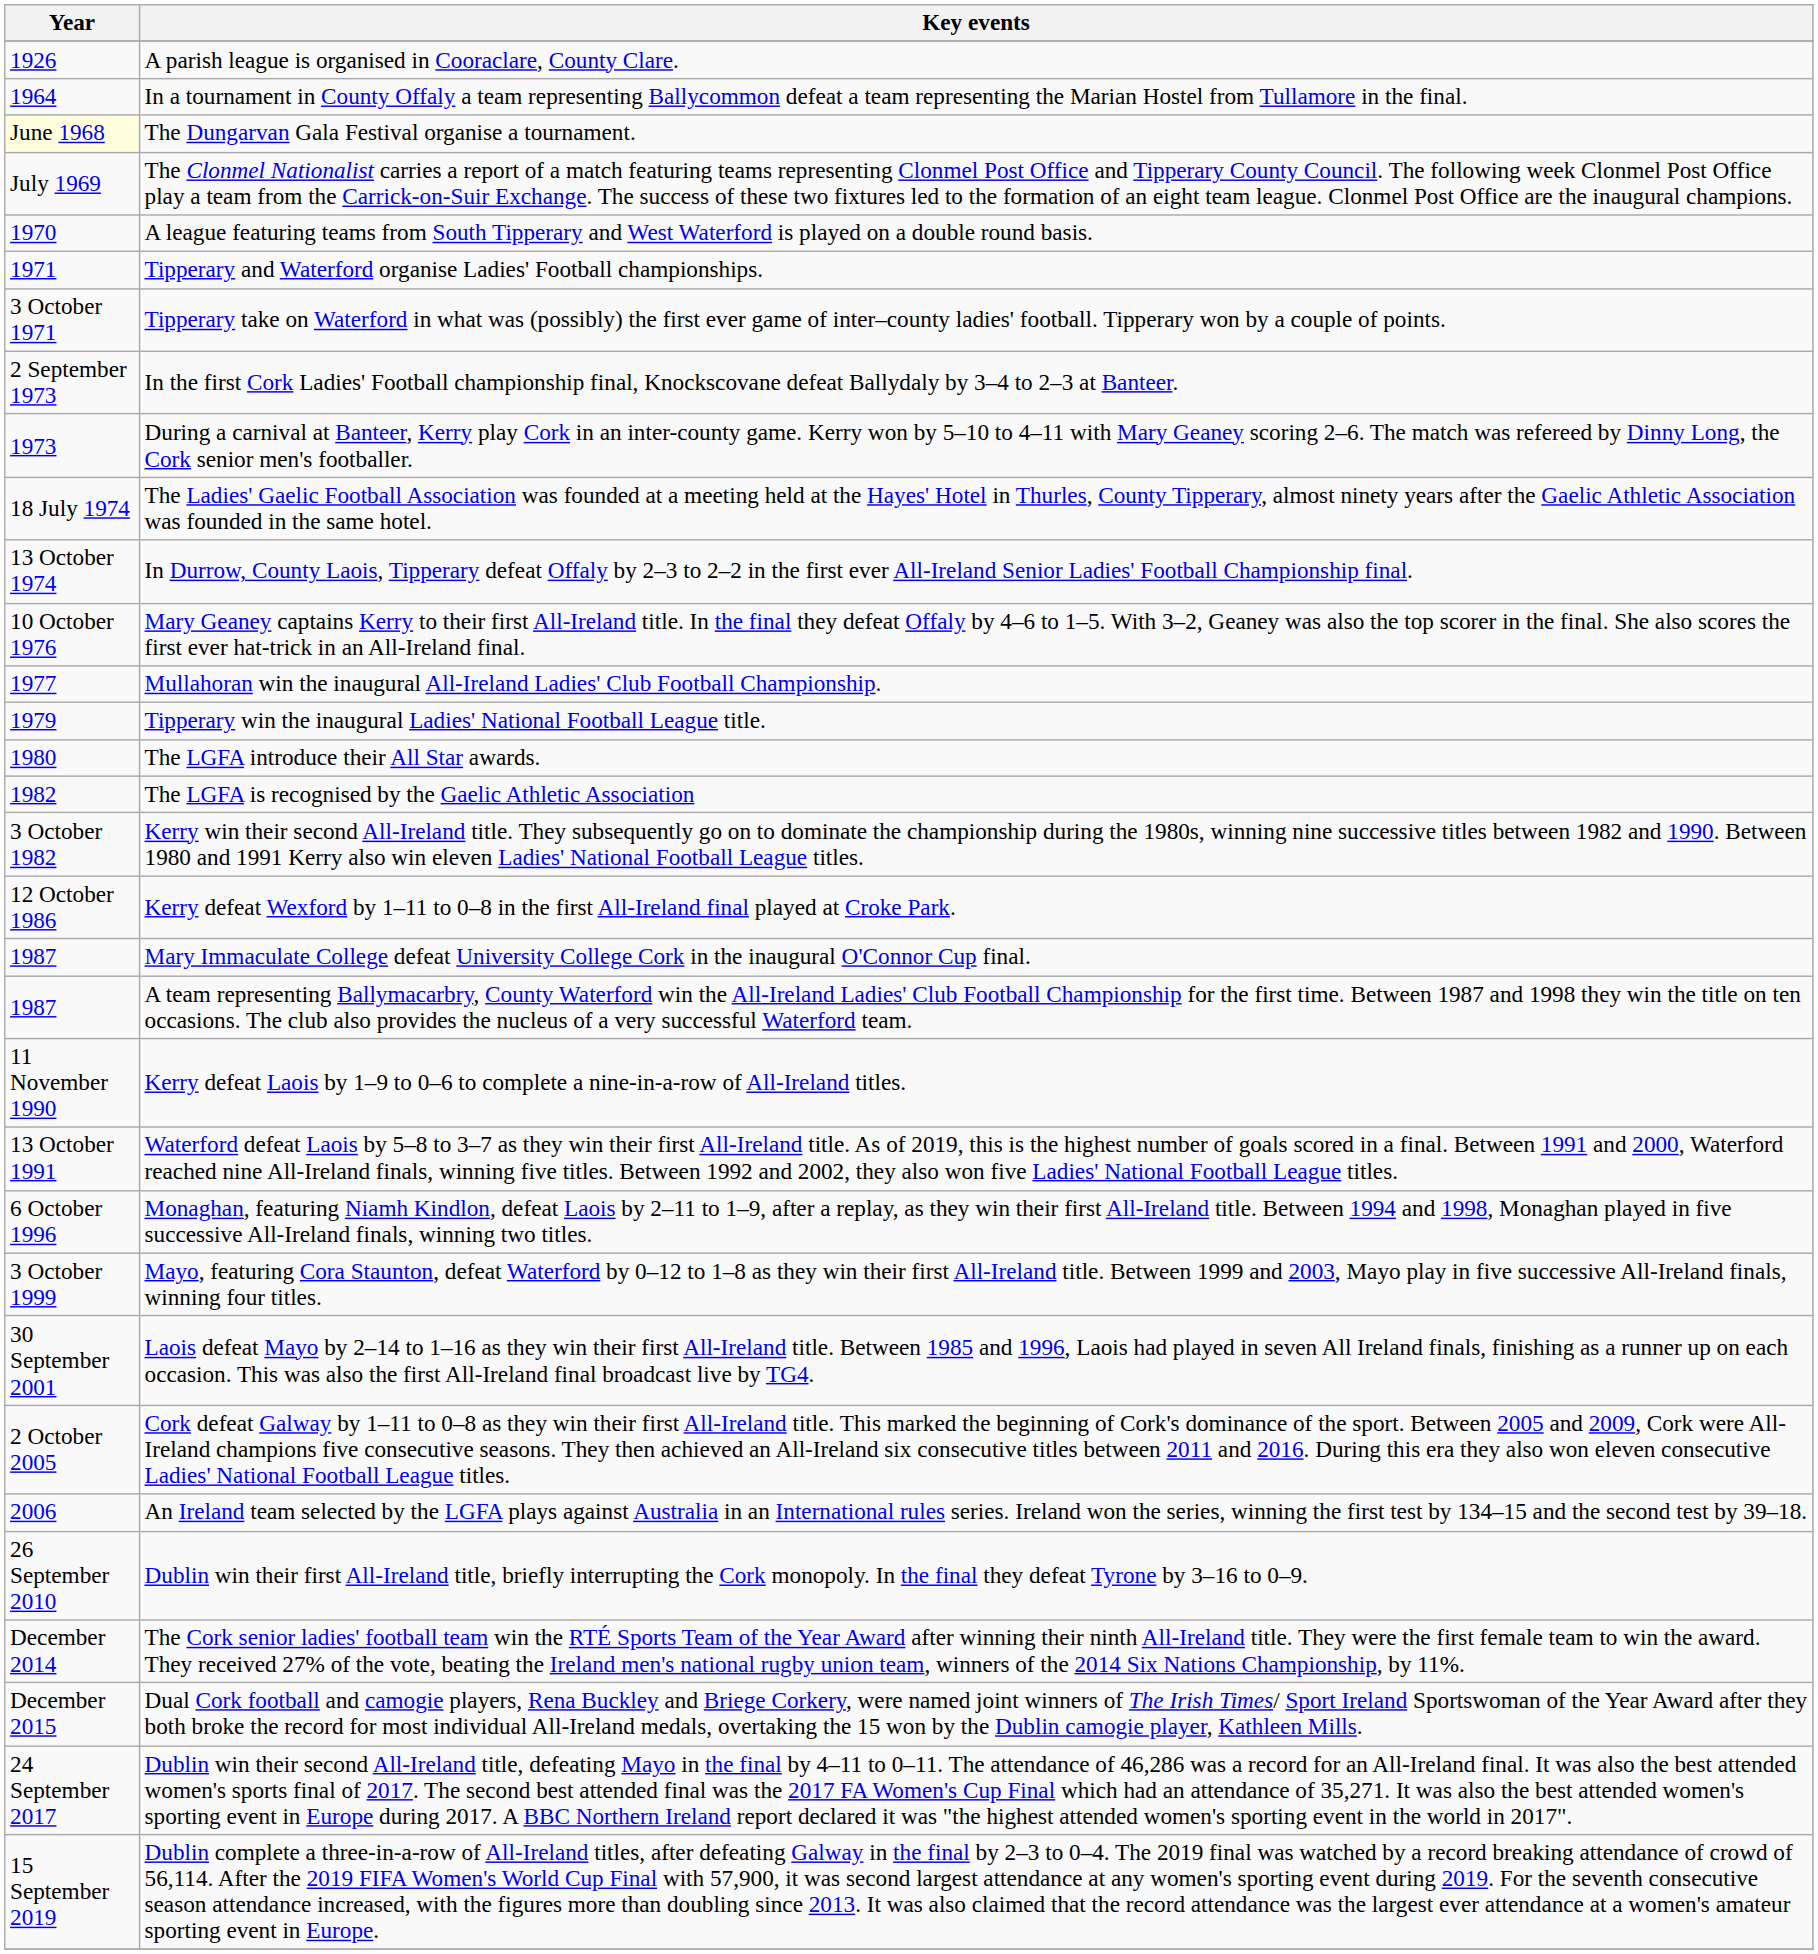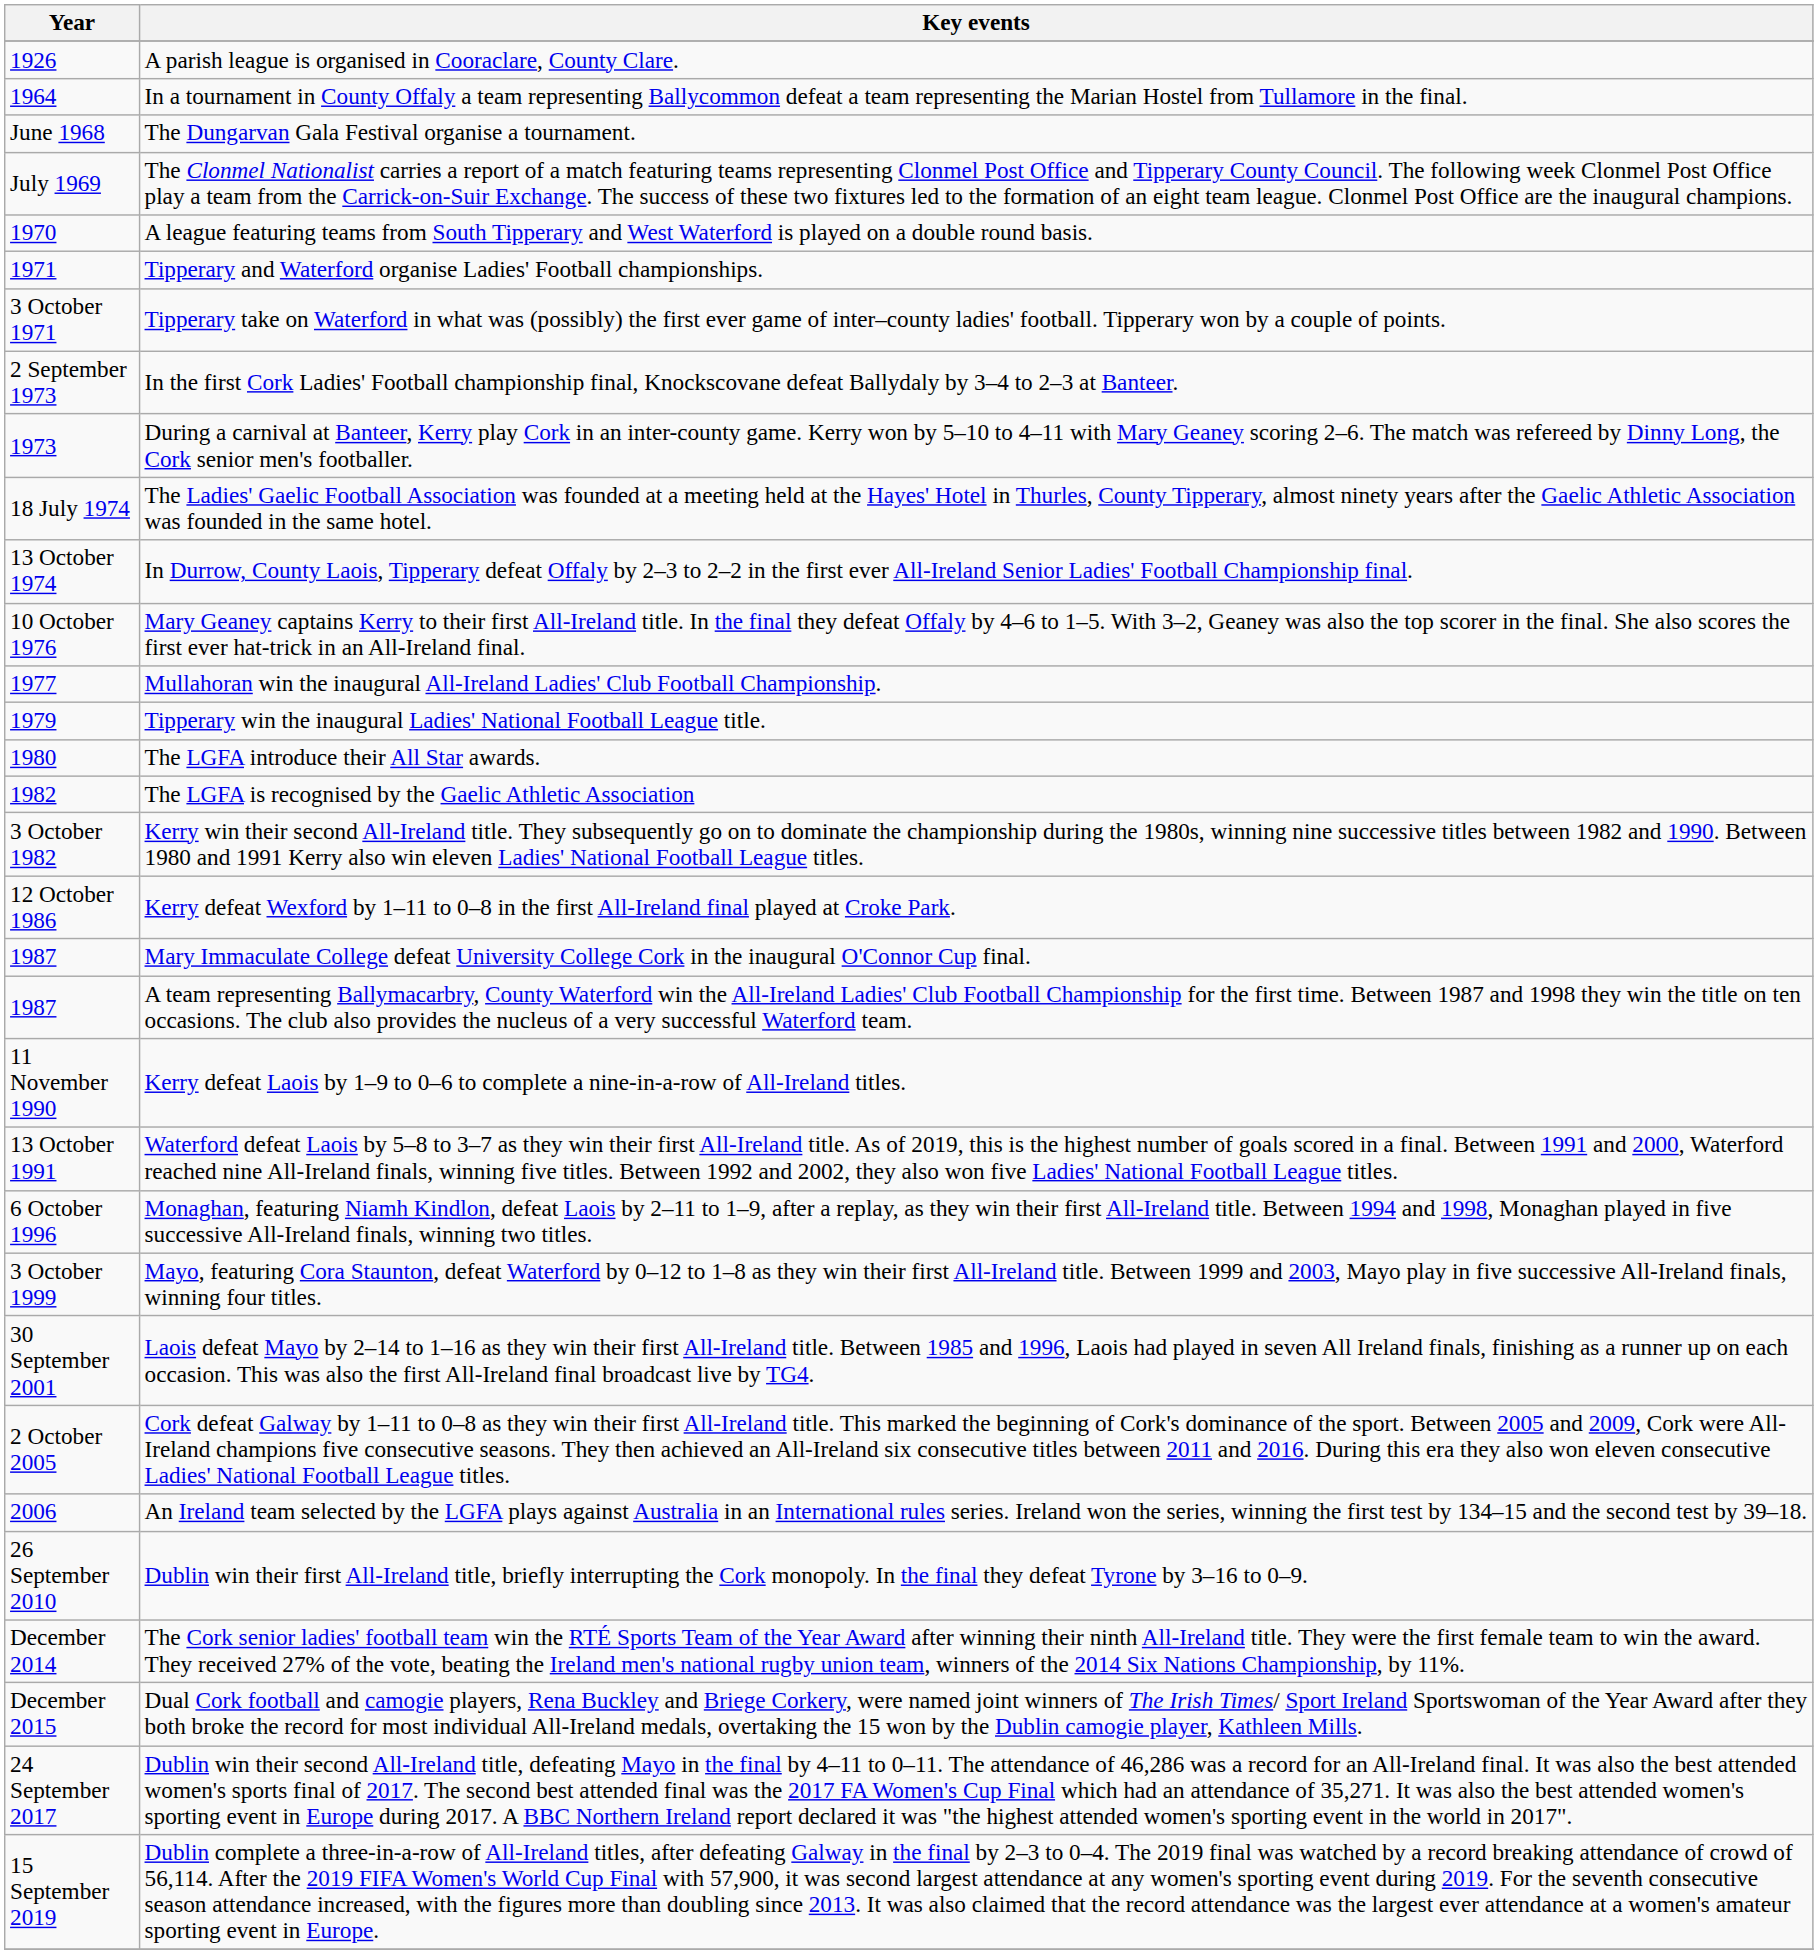 <table class="wikitable collapsible">
 <tr>
 <th>Year</th>
 <th>Key events</th>
 </tr>
 <tr 15B.C>
 </tr>
 <tr>
 <td><a href='#'>1926</a></td>
 <td>A parish league is organised in <a href='#'>Cooraclare</a>, <a href='#'>County Clare</a>.</td>
 </tr>
 <tr>
 <td> <a href='#'>1964</a></td>
 <td>In a tournament in <a href='#'>County Offaly</a> a team representing  <a href='#'>Ballycommon</a> defeat a team representing the Marian Hostel from <a href='#'>Tullamore</a> in the final.</td>
 </tr>
 <tr>
-<td style="background: lightyellow;">June <a href='#'>1968</a></td>
+<td>June <a href='#'>1968</a></td>
 <td>The <a href='#'>Dungarvan</a> Gala Festival organise a tournament.</td>
 </tr>
 <tr>
 <td>July <a href='#'>1969</a></td>
 <td>The <em><a href='#'>Clonmel Nationalist</a></em> carries a report of a match featuring teams representing <a href='#'>Clonmel Post Office</a> and <a href='#'>Tipperary County Council</a>. The following week Clonmel Post Office play a team from the <a href='#'>Carrick-on-Suir Exchange</a>. The success of these two fixtures led to the formation of an eight team league. Clonmel Post Office are the inaugural champions.</td>
 </tr>
 <tr>
 <td><a href='#'>1970</a></td>
 <td>A league featuring teams from <a href='#'>South Tipperary</a> and <a href='#'>West Waterford</a> is played on a double round basis.</td>
 </tr>
 <tr>
 <td><a href='#'>1971</a></td>
 <td><a href='#'>Tipperary</a> and <a href='#'>Waterford</a> organise Ladies' Football championships.</td>
 </tr>
 <tr>
 <td>3 October <a href='#'>1971</a></td>
 <td><a href='#'>Tipperary</a> take on <a href='#'>Waterford</a> in what was (possibly) the first ever game of inter–county ladies' football. Tipperary won by a couple of points.</td>
 </tr>
 <tr>
 <td>2 September <a href='#'>1973</a></td>
 <td>In the first <a href='#'>Cork</a> Ladies' Football championship final, Knockscovane defeat Ballydaly by 3–4 to 2–3 at <a href='#'>Banteer</a>.</td>
 </tr>
 <tr>
 <td><a href='#'>1973</a></td>
 <td>During a carnival at <a href='#'>Banteer</a>, <a href='#'>Kerry</a> play <a href='#'>Cork</a> in an inter-county game. Kerry won by 5–10 to 4–11 with <a href='#'>Mary Geaney</a> scoring 2–6. The match was refereed by <a href='#'>Dinny Long</a>, the <a href='#'>Cork</a> senior men's footballer.</td>
 </tr>
 <tr>
 <td>18 July <a href='#'>1974</a></td>
 <td>The <a href='#'>Ladies' Gaelic Football Association</a> was founded at a meeting held at the <a href='#'>Hayes' Hotel</a> in <a href='#'>Thurles</a>, <a href='#'>County Tipperary</a>, almost ninety years after the <a href='#'>Gaelic Athletic Association</a> was founded in the same hotel.</td>
 </tr>
 <tr>
 <td>13 October <a href='#'>1974</a></td>
 <td>In <a href='#'>Durrow, County Laois</a>, <a href='#'>Tipperary</a> defeat <a href='#'>Offaly</a> by 2–3 to 2–2 in the first ever <a href='#'>All-Ireland Senior Ladies' Football Championship final</a>.</td>
 </tr>
 <tr>
 <td>10 October <a href='#'>1976</a></td>
 <td><a href='#'>Mary Geaney</a> captains <a href='#'>Kerry</a> to their first <a href='#'>All-Ireland</a> title. In <a href='#'>the final</a> they defeat <a href='#'>Offaly</a> by 4–6 to 1–5. With 3–2, Geaney was also the top scorer in the final. She also scores the first ever hat-trick in an All-Ireland final.</td>
 </tr>
 <tr>
 <td><a href='#'>1977</a></td>
 <td><a href='#'>Mullahoran</a> win the inaugural <a href='#'>All-Ireland Ladies' Club Football Championship</a>.</td>
 </tr>
 <tr>
 <td><a href='#'>1979</a></td>
 <td><a href='#'>Tipperary</a> win the inaugural <a href='#'>Ladies' National Football League</a> title.</td>
 </tr>
 <tr>
 <td><a href='#'>1980</a></td>
 <td>The <a href='#'>LGFA</a> introduce their <a href='#'>All Star</a> awards.</td>
 </tr>
 <tr>
 <td><a href='#'>1982</a></td>
 <td>The <a href='#'>LGFA</a> is recognised by the <a href='#'>Gaelic Athletic Association</a></td>
 </tr>
 <tr>
 <td>3 October <a href='#'>1982</a></td>
 <td><a href='#'>Kerry</a> win their second <a href='#'>All-Ireland</a> title. They subsequently go on to dominate the championship during the 1980s, winning nine successive titles between 1982 and <a href='#'>1990</a>. Between 1980 and 1991 Kerry also win eleven <a href='#'>Ladies' National Football League</a> titles.</td>
 </tr>
 <tr>
 <td>12 October <a href='#'>1986</a></td>
 <td><a href='#'>Kerry</a> defeat <a href='#'>Wexford</a> by 1–11 to  0–8 in the first <a href='#'>All-Ireland final</a> played at <a href='#'>Croke Park</a>.</td>
 </tr>
 <tr>
 <td><a href='#'>1987</a></td>
 <td><a href='#'>Mary Immaculate College</a> defeat <a href='#'>University College Cork</a> in the inaugural <a href='#'>O'Connor Cup</a> final.</td>
 </tr>
 <tr>
 <td><a href='#'>1987</a></td>
 <td>A team representing <a href='#'>Ballymacarbry</a>, <a href='#'>County Waterford</a> win the  <a href='#'>All-Ireland Ladies' Club Football Championship</a> for the first time. Between 1987 and 1998 they win the title on ten occasions. The club also provides the nucleus of a very successful  <a href='#'>Waterford</a> team.</td>
 </tr>
 <tr>
 <td>11 November <a href='#'>1990</a></td>
 <td><a href='#'>Kerry</a> defeat <a href='#'>Laois</a> by 1–9 to 0–6 to complete a nine-in-a-row of <a href='#'>All-Ireland</a> titles.</td>
 </tr>
 <tr>
 <td>13 October <a href='#'>1991</a></td>
 <td><a href='#'>Waterford</a> defeat <a href='#'>Laois</a> by 5–8 to 3–7 as they win their first <a href='#'>All-Ireland</a> title. As of 2019, this is the highest number of goals scored in a final. Between <a href='#'>1991</a> and <a href='#'>2000</a>, Waterford reached nine All-Ireland finals, winning five titles. Between 1992 and 2002, they also won five <a href='#'>Ladies' National Football League</a> titles.</td>
 </tr>
 <tr>
 <td>6 October <a href='#'>1996</a></td>
 <td><a href='#'>Monaghan</a>, featuring <a href='#'>Niamh Kindlon</a>, defeat <a href='#'>Laois</a> by 2–11 to 1–9, after a replay, as they win their first <a href='#'>All-Ireland</a> title. Between <a href='#'>1994</a> and <a href='#'>1998</a>, Monaghan played in five successive All-Ireland finals, winning two titles.</td>
 </tr>
 <tr>
 <td>3 October <a href='#'>1999</a></td>
 <td><a href='#'>Mayo</a>, featuring <a href='#'>Cora Staunton</a>, defeat <a href='#'>Waterford</a> by 0–12 to 1–8 as they win their first <a href='#'>All-Ireland</a> title. Between 1999 and <a href='#'>2003</a>, Mayo play in five successive All-Ireland finals, winning four titles.</td>
 </tr>
 <tr>
 <td>30 September <a href='#'>2001</a></td>
 <td><a href='#'>Laois</a> defeat <a href='#'>Mayo</a> by 2–14 to 1–16 as they win their first <a href='#'>All-Ireland</a> title. Between <a href='#'>1985</a> and <a href='#'>1996</a>, Laois had played in seven All Ireland finals, finishing as a runner up on each occasion. This was also the first All-Ireland final broadcast live by <a href='#'>TG4</a>.</td>
 </tr>
 <tr>
 <td>2 October <a href='#'>2005</a></td>
 <td><a href='#'>Cork</a> defeat <a href='#'>Galway</a> by 1–11 to 0–8 as they win their first <a href='#'>All-Ireland</a> title. This marked the beginning of Cork's dominance of the sport. Between <a href='#'>2005</a> and <a href='#'>2009</a>, Cork were All-Ireland champions five consecutive seasons. They then achieved an All-Ireland six consecutive titles between <a href='#'>2011</a> and <a href='#'>2016</a>. During this era they also won eleven consecutive <a href='#'>Ladies' National Football League</a> titles.</td>
 </tr>
 <tr>
 <td><a href='#'>2006</a></td>
 <td>An <a href='#'>Ireland</a> team selected by the <a href='#'>LGFA</a> plays against  <a href='#'>Australia</a> in an <a href='#'>International rules</a> series. Ireland won the series, winning the first test by 134–15 and the second test by 39–18.</td>
 </tr>
 <tr>
 <td>26 September <a href='#'>2010</a></td>
 <td><a href='#'>Dublin</a> win their first <a href='#'>All-Ireland</a> title, briefly interrupting the <a href='#'>Cork</a> monopoly. In <a href='#'>the final</a> they defeat <a href='#'>Tyrone</a> by 3–16 to 0–9.</td>
 </tr>
 <tr>
 <td>December <a href='#'>2014</a></td>
 <td>The <a href='#'>Cork senior ladies' football team</a> win the <a href='#'>RTÉ Sports Team of the Year Award</a> after winning their ninth <a href='#'>All-Ireland</a> title. They were the first female team to win the award. They received 27% of the vote, beating the <a href='#'>Ireland men's national rugby union team</a>, winners of the <a href='#'>2014 Six Nations Championship</a>, by 11%.</td>
 </tr>
 <tr>
 <td>December <a href='#'>2015</a></td>
 <td>Dual <a href='#'>Cork football</a> and <a href='#'>camogie</a> players,  <a href='#'>Rena Buckley</a> and <a href='#'>Briege Corkery</a>, were named joint winners of <em><a href='#'>The Irish Times</a></em>/ <a href='#'>Sport Ireland</a> Sportswoman of the Year Award after they both broke the record for most individual All-Ireland medals, overtaking the 15 won by the <a href='#'>Dublin camogie player</a>, <a href='#'>Kathleen Mills</a>.</td>
 </tr>
 <tr>
 <td>24 September <a href='#'>2017</a></td>
 <td><a href='#'>Dublin</a> win their second <a href='#'>All-Ireland</a> title, defeating <a href='#'>Mayo</a> in <a href='#'>the final</a> by 4–11 to 0–11. The attendance of 46,286   was a record for an All-Ireland final. It was also the best attended women's sports final of <a href='#'>2017</a>. The second best attended final was the <a href='#'>2017 FA Women's Cup Final</a> which had an attendance of 35,271. It was also the best attended women's sporting event in <a href='#'>Europe</a> during 2017. A <a href='#'>BBC Northern Ireland</a> report declared it was "the highest attended women's sporting event in the world in 2017".</td>
 </tr>
 <tr>
 <td>15 September <a href='#'>2019</a></td>
 <td><a href='#'>Dublin</a> complete a three-in-a-row of <a href='#'>All-Ireland</a> titles, after defeating <a href='#'>Galway</a> in <a href='#'>the final</a> by 2–3 to 0–4. The 2019 final was watched by a record breaking attendance of crowd of 56,114. After the <a href='#'>2019 FIFA Women's World Cup Final</a> with 57,900, it was second largest attendance at any women's sporting event during <a href='#'>2019</a>. For the seventh consecutive season attendance increased, with the figures more than doubling since <a href='#'>2013</a>. It was also claimed that the record attendance was the largest ever attendance at a women's amateur sporting event in <a href='#'>Europe</a>.</td>
 </tr>
 <tr>
 </tr>
 </table>
